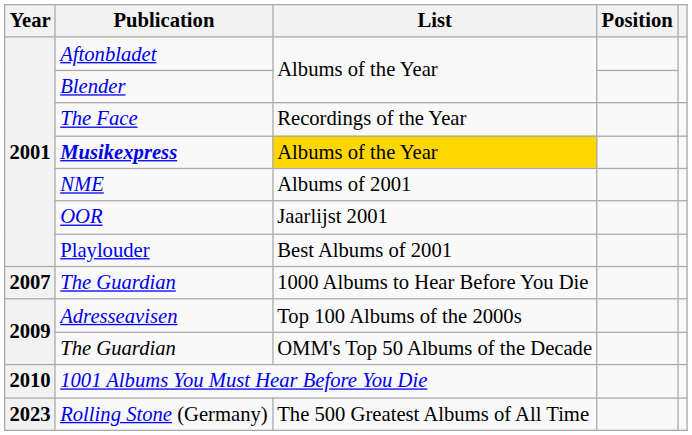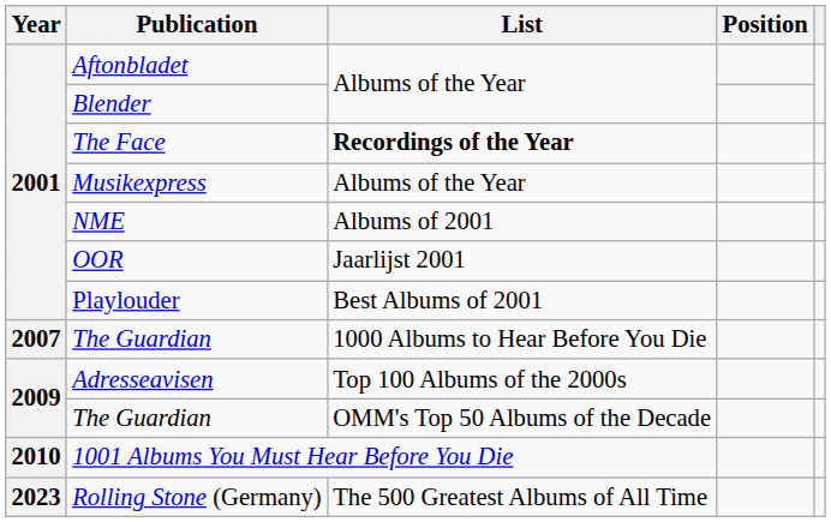 <table class="wikitable sortable plainrowheaders">
 <tr>
 <th scope="col">Year</th>
 <th scope="col">Publication</th>
 <th scope="col">List</th>
 <th scope="col">Position</th>
 <th scope="col"></th>
 </tr>
 <tr>
 <th scope="row" rowspan="7">2001</th>
 <td><em><a href='#'>Aftonbladet</a></em></td>
 <td rowspan="2">Albums of the Year</td>
 <td></td>
 <td rowspan="2"></td>
 </tr>
 <tr>
 <td><em><a href='#'>Blender</a></em></td>
 <td></td>
 </tr>
 <tr>
 <td><em><a href='#'>The Face</a></em></td>
-<td>Recordings of the Year</td>
+<td><strong>Recordings of the Year</strong></td>
 <td></td>
 <td></td>
 </tr>
 <tr>
-<td><strong><em><a href='#'>Musikexpress</a></em></strong></td>
-<td style="background: gold;">Albums of the Year</td>
+<td><em><a href='#'>Musikexpress</a></em></td>
+<td>Albums of the Year</td>
 <td></td>
 <td></td>
 </tr>
 <tr>
 <td><em><a href='#'>NME</a></em></td>
 <td>Albums of 2001</td>
 <td></td>
 <td></td>
 </tr>
 <tr>
 <td><em><a href='#'>OOR</a></em></td>
 <td>Jaarlijst 2001</td>
 <td></td>
 <td></td>
 </tr>
 <tr>
 <td><a href='#'>Playlouder</a></td>
 <td>Best Albums of 2001</td>
 <td></td>
 <td></td>
 </tr>
 <tr>
 <th scope="row">2007</th>
 <td><em><a href='#'>The Guardian</a></em></td>
 <td>1000 Albums to Hear Before You Die</td>
 <td></td>
 <td></td>
 </tr>
 <tr>
 <th scope="row" rowspan="2">2009</th>
 <td><em><a href='#'>Adresseavisen</a></em></td>
 <td>Top 100 Albums of the 2000s</td>
 <td></td>
 <td></td>
 </tr>
 <tr>
 <td><em>The Guardian</em></td>
 <td>OMM's Top 50 Albums of the Decade</td>
 <td></td>
 <td></td>
 </tr>
 <tr>
 <th scope="row">2010</th>
 <td colspan="2"><em><a href='#'>1001 Albums You Must Hear Before You Die</a></em></td>
 <td></td>
 <td></td>
 </tr>
 <tr>
 <th scope="row" rowspan="1">2023</th>
 <td><em><a href='#'>Rolling Stone</a></em> (Germany)</td>
 <td>The 500 Greatest Albums of All Time</td>
 <td></td>
 <td></td>
 </tr>
 </table>
